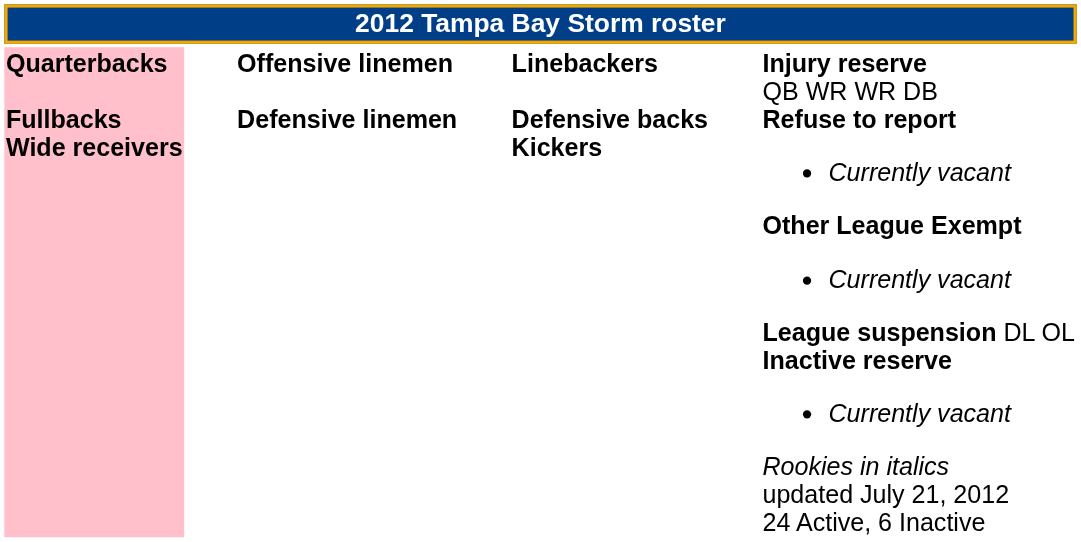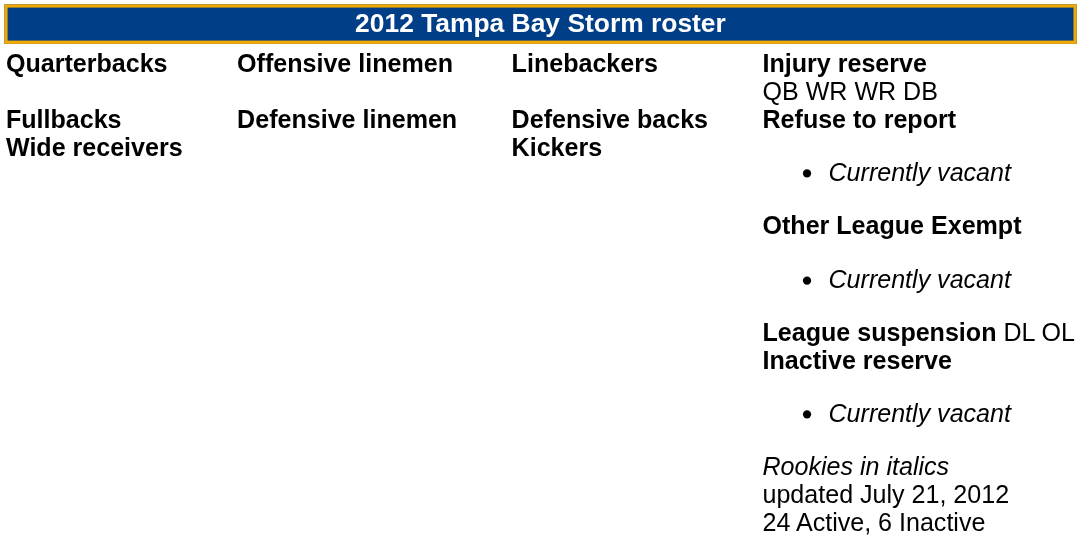 <table class="toccolours" style="text-align: left;">
 <tr>
 <th colspan=7 style="background:#003F87; border: 2px solid #F0A804; color:white; text-align:center;"><strong>2012 Tampa Bay Storm roster</strong></th>
 </tr>
 <tr>
-<td style="background: pink; font-size: 95%;" valign="top"><strong>Quarterbacks</strong><br> <br><strong>Fullbacks</strong>  <br><strong>Wide receivers</strong>     </td>
+<td style="font-size: 95%;" valign="top"><strong>Quarterbacks</strong><br> <br><strong>Fullbacks</strong>  <br><strong>Wide receivers</strong>     </td>
 <td style="width: 25px;"></td>
 <td style="font-size: 95%;" valign="top"><strong>Offensive linemen</strong><br>  <br><strong>Defensive linemen</strong>   </td>
 <td style="width: 25px;"></td>
 <td style="font-size: 95%;" valign="top"><strong>Linebackers</strong><br> <br><strong>Defensive backs</strong>      <br><strong>Kickers</strong> </td>
 <td style="width: 25px;"></td>
 <td style="font-size: 95%;" valign="top"><strong>Injury reserve</strong><br> QB  WR  WR  DB<br><strong>Refuse to report</strong><ul><li><em>Currently vacant</em></li></ul><strong>Other League Exempt</strong><ul><li><em>Currently vacant</em></li></ul><strong>League suspension</strong>  DL  OL<br><strong>Inactive reserve</strong><ul><li><em>Currently vacant</em></li></ul> <em>Rookies in italics</em><br> <span></span> updated July 21, 2012<br> 24 Active, 6 Inactive </td>
 </tr>
 <tr>
 </tr>
 </table>
